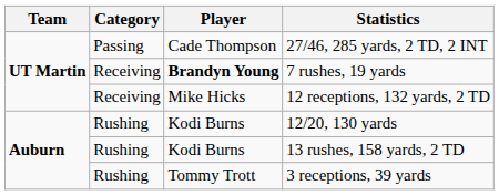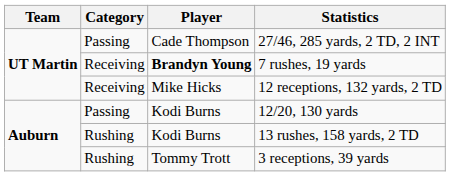 <table class="wikitable" style="float: left;">
 <tr>
 <th>Team</th>
 <th>Category</th>
 <th>Player</th>
 <th>Statistics</th>
 </tr>
 <tr>
 <td rowspan=3><strong>UT Martin</strong></td>
 <td>Passing</td>
 <td>Cade Thompson</td>
 <td>27/46, 285 yards, 2 TD, 2 INT</td>
 </tr>
 <tr>
 <td>Receiving</td>
 <td><strong>Brandyn Young</strong></td>
 <td>7 rushes, 19 yards</td>
 </tr>
 <tr>
 <td>Receiving</td>
 <td>Mike Hicks</td>
 <td>12 receptions, 132 yards, 2 TD</td>
 </tr>
 <tr>
 <td rowspan=3><strong>Auburn</strong></td>
-<td>Rushing</td>
+<td>Passing</td>
 <td>Kodi Burns</td>
 <td>12/20, 130 yards</td>
 </tr>
 <tr>
 <td>Rushing</td>
 <td>Kodi Burns</td>
 <td>13 rushes, 158 yards, 2 TD</td>
 </tr>
 <tr>
 <td>Rushing</td>
 <td>Tommy Trott</td>
 <td>3 receptions, 39 yards</td>
 </tr>
 </table>
